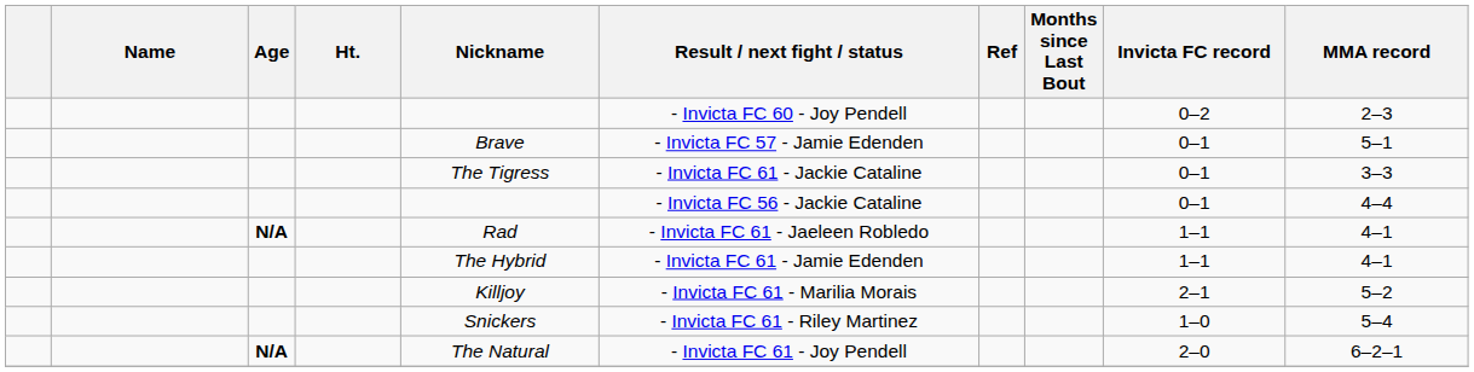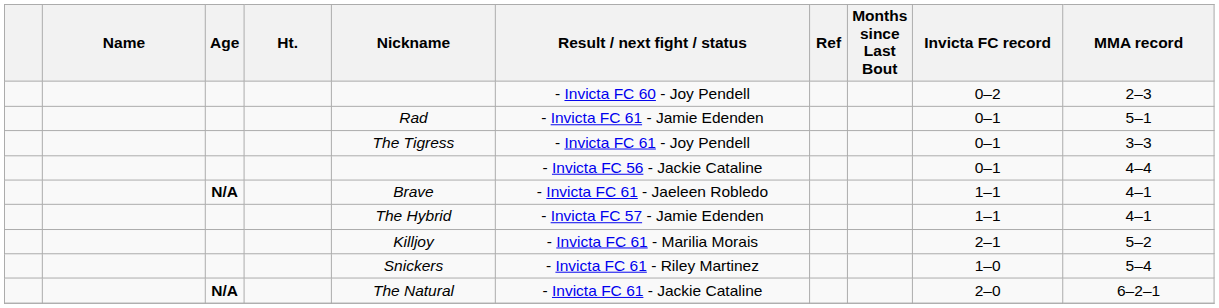 <table class="wikitable sortable" style="text-align:center">
 <tr>
 <th width=3%></th>
 <th width=13%>Name</th>
 <th width=3%>Age</th>
 <th width=7%>Ht.</th>
 <th width=13%>Nickname</th>
 <th width=25%>Result / next fight / status</th>
 <th width=3%>Ref</th>
 <th width=5%>Months since Last Bout</th>
 <th width=12%>Invicta FC record</th>
 <th width=12%>MMA record</th>
 </tr>
 <tr>
 <td></td>
 <td></td>
 <td></td>
 <td></td>
 <td></td>
 <td> - <a href='#'>Invicta FC 60</a> - Joy Pendell</td>
 <td></td>
 <td></td>
 <td>0–2</td>
 <td>2–3</td>
 </tr>
 <tr>
 <td></td>
 <td></td>
 <td></td>
 <td></td>
-<td><em>Brave</em></td>
-<td> - <a href='#'>Invicta FC 57</a> - Jamie Edenden</td>
+<td><em>Rad</em></td>
+<td> - <a href='#'>Invicta FC 61</a> - Jamie Edenden</td>
 <td></td>
 <td></td>
 <td>0–1</td>
 <td>5–1</td>
 </tr>
 <tr>
 <td></td>
 <td></td>
 <td></td>
 <td></td>
 <td><em>The Tigress</em></td>
-<td> - <a href='#'>Invicta FC 61</a> - Jackie Cataline</td>
+<td> - <a href='#'>Invicta FC 61</a> - Joy Pendell</td>
 <td></td>
 <td></td>
 <td>0–1</td>
 <td>3–3</td>
 </tr>
 <tr>
 <td></td>
 <td></td>
 <td></td>
 <td></td>
 <td></td>
 <td> - <a href='#'>Invicta FC 56</a> - Jackie Cataline</td>
 <td></td>
 <td></td>
 <td>0–1</td>
 <td>4–4</td>
 </tr>
 <tr>
 <td></td>
 <td></td>
 <td><strong>N/A</strong></td>
 <td></td>
-<td><em>Rad</em></td>
+<td><em>Brave</em></td>
 <td> - <a href='#'>Invicta FC 61</a> - Jaeleen Robledo</td>
 <td></td>
 <td></td>
 <td>1–1</td>
 <td>4–1</td>
 </tr>
 <tr>
 <td></td>
 <td></td>
 <td></td>
 <td></td>
 <td><em>The Hybrid</em></td>
-<td> - <a href='#'>Invicta FC 61</a> - Jamie Edenden</td>
+<td> - <a href='#'>Invicta FC 57</a> - Jamie Edenden</td>
 <td></td>
 <td></td>
 <td>1–1</td>
 <td>4–1</td>
 </tr>
 <tr>
 <td></td>
 <td></td>
 <td></td>
 <td></td>
 <td><em>Killjoy</em></td>
 <td> - <a href='#'>Invicta FC 61</a> - Marilia Morais</td>
 <td></td>
 <td></td>
 <td>2–1</td>
 <td>5–2</td>
 </tr>
 <tr>
 <td></td>
 <td></td>
 <td></td>
 <td></td>
 <td><em>Snickers</em></td>
 <td> - <a href='#'>Invicta FC 61</a> - Riley Martinez</td>
 <td></td>
 <td></td>
 <td>1–0</td>
 <td>5–4</td>
 </tr>
 <tr>
 <td></td>
 <td></td>
 <td><strong>N/A</strong></td>
 <td></td>
 <td><em>The Natural</em></td>
-<td> - <a href='#'>Invicta FC 61</a> - Joy Pendell</td>
+<td> - <a href='#'>Invicta FC 61</a> - Jackie Cataline</td>
 <td></td>
 <td></td>
 <td>2–0</td>
 <td>6–2–1</td>
 </tr>
 <tr>
 </tr>
 </table>
